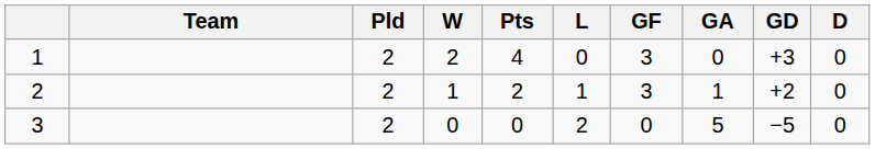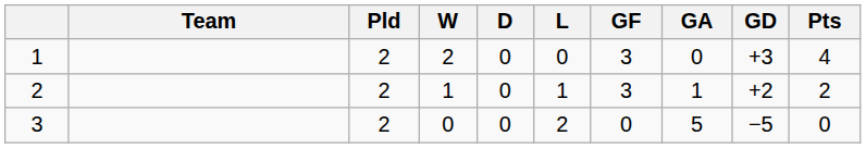 <table class="wikitable" style="text-align: center;">
 <tr>
 <th style="width: 40px;"></th>
 <th style="width: 200px;">Team</th>
 <th style="width: 45px;">Pld</th>
 <th style="width: 35px;">W</th>
-<th style="width: 45px;">Pts</th>
+<th style="width: 35px;">D</th>
 <th style="width: 35px;">L</th>
 <th style="width: 45px;">GF</th>
 <th style="width: 45px;">GA</th>
 <th style="width: 35px;">GD</th>
-<th style="width: 35px;">D</th>
+<th style="width: 45px;">Pts</th>
 </tr>
 <tr>
 <td>1</td>
 <td style="text-align: left;"></td>
 <td>2</td>
 <td>2</td>
-<td>4</td>
+<td>0</td>
 <td>0</td>
 <td>3</td>
 <td>0</td>
 <td>+3</td>
-<td>0</td>
+<td>4</td>
 </tr>
 <tr>
 <td>2</td>
 <td style="text-align: left;"></td>
 <td>2</td>
 <td>1</td>
-<td>2</td>
+<td>0</td>
 <td>1</td>
 <td>3</td>
 <td>1</td>
 <td>+2</td>
-<td>0</td>
+<td>2</td>
 </tr>
 <tr>
 <td>3</td>
 <td style="text-align: left;"></td>
 <td>2</td>
 <td>0</td>
 <td>0</td>
 <td>2</td>
 <td>0</td>
 <td>5</td>
 <td>−5</td>
 <td>0</td>
 </tr>
 </table>
